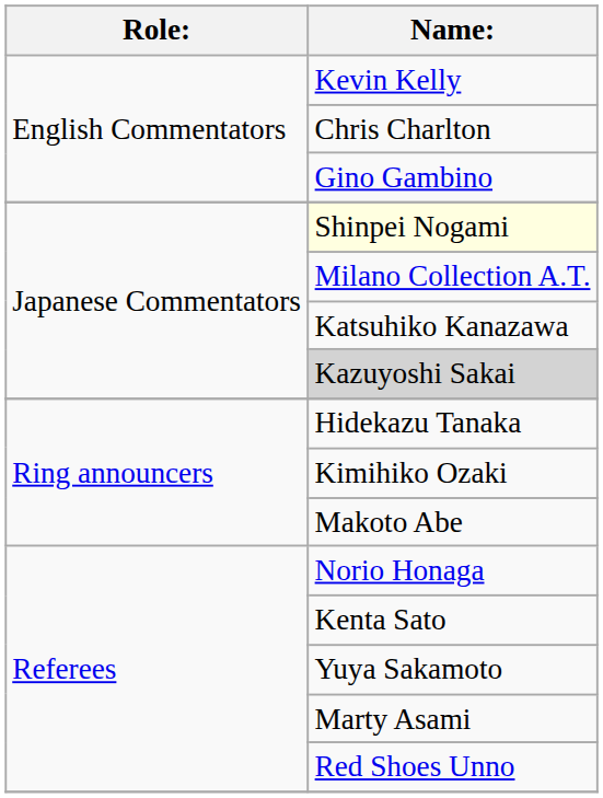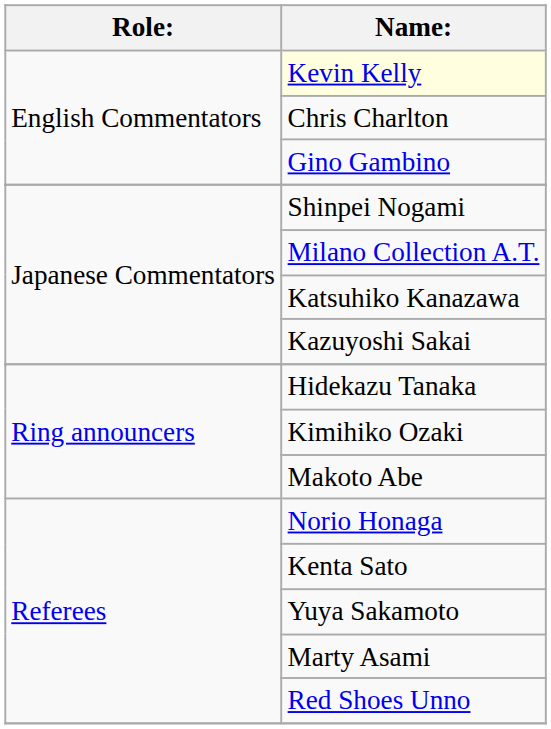 <table class=wikitable style="font-size:90%; margin: 0.5em 0 0.5em 1em; float: right; clear: right;">
 <tr>
 <th>Role:</th>
 <th>Name:</th>
 </tr>
 <tr>
 <td rowspan=3>English Commentators</td>
-<td><a href='#'>Kevin Kelly</a></td>
+<td style="background: lightyellow;"><a href='#'>Kevin Kelly</a></td>
 </tr>
 <tr>
 <td>Chris Charlton</td>
 </tr>
 <tr>
 <td><a href='#'>Gino Gambino</a></td>
 </tr>
 <tr>
 </tr>
 <tr>
 <td rowspan=4>Japanese Commentators</td>
-<td style="background: lightyellow;">Shinpei Nogami</td>
+<td>Shinpei Nogami</td>
 </tr>
 <tr>
 <td><a href='#'>Milano Collection A.T.</a></td>
 </tr>
 <tr>
 <td>Katsuhiko Kanazawa</td>
 </tr>
 <tr>
-<td style="background: lightgrey;">Kazuyoshi Sakai</td>
+<td>Kazuyoshi Sakai</td>
 </tr>
 <tr>
 </tr>
 <tr>
 <td rowspan=3><a href='#'>Ring announcers</a></td>
 <td>Hidekazu Tanaka</td>
 </tr>
 <tr>
 <td>Kimihiko Ozaki</td>
 </tr>
 <tr>
 <td>Makoto Abe</td>
 </tr>
 <tr>
 <td rowspan=5><a href='#'>Referees</a></td>
 <td><a href='#'>Norio Honaga</a></td>
 </tr>
 <tr>
 <td>Kenta Sato</td>
 </tr>
 <tr>
 <td>Yuya Sakamoto</td>
 </tr>
 <tr>
 <td>Marty Asami</td>
 </tr>
 <tr>
 <td><a href='#'>Red Shoes Unno</a></td>
 </tr>
 <tr>
 </tr>
 </table>
